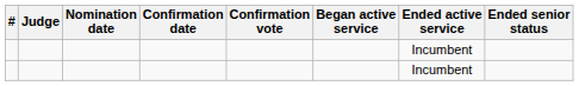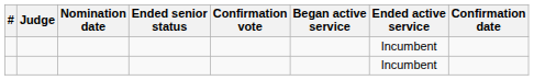 <table class="sortable wikitable">
 <tr bgcolor="#ececec">
 <th>#</th>
 <th>Judge</th>
 <th>Nomination<br>date</th>
-<th>Confirmation<br>date</th>
+<th>Ended senior<br>status</th>
 <th>Confirmation<br>vote</th>
 <th>Began active<br>service</th>
 <th>Ended active<br>service</th>
-<th>Ended senior<br>status</th>
+<th>Confirmation<br>date</th>
 </tr>
 <tr>
 <td></td>
 <td></td>
 <td></td>
-<td></td>
+<td align="center"></td>
 <td align="center"></td>
 <td></td>
 <td align="center">Incumbent</td>
-<td align="center"></td>
+<td></td>
 </tr>
 <tr>
 <td></td>
 <td></td>
 <td></td>
-<td></td>
+<td align="center"></td>
 <td align="center"></td>
 <td></td>
 <td align="center">Incumbent</td>
-<td align="center"></td>
+<td></td>
 </tr>
 </table>
